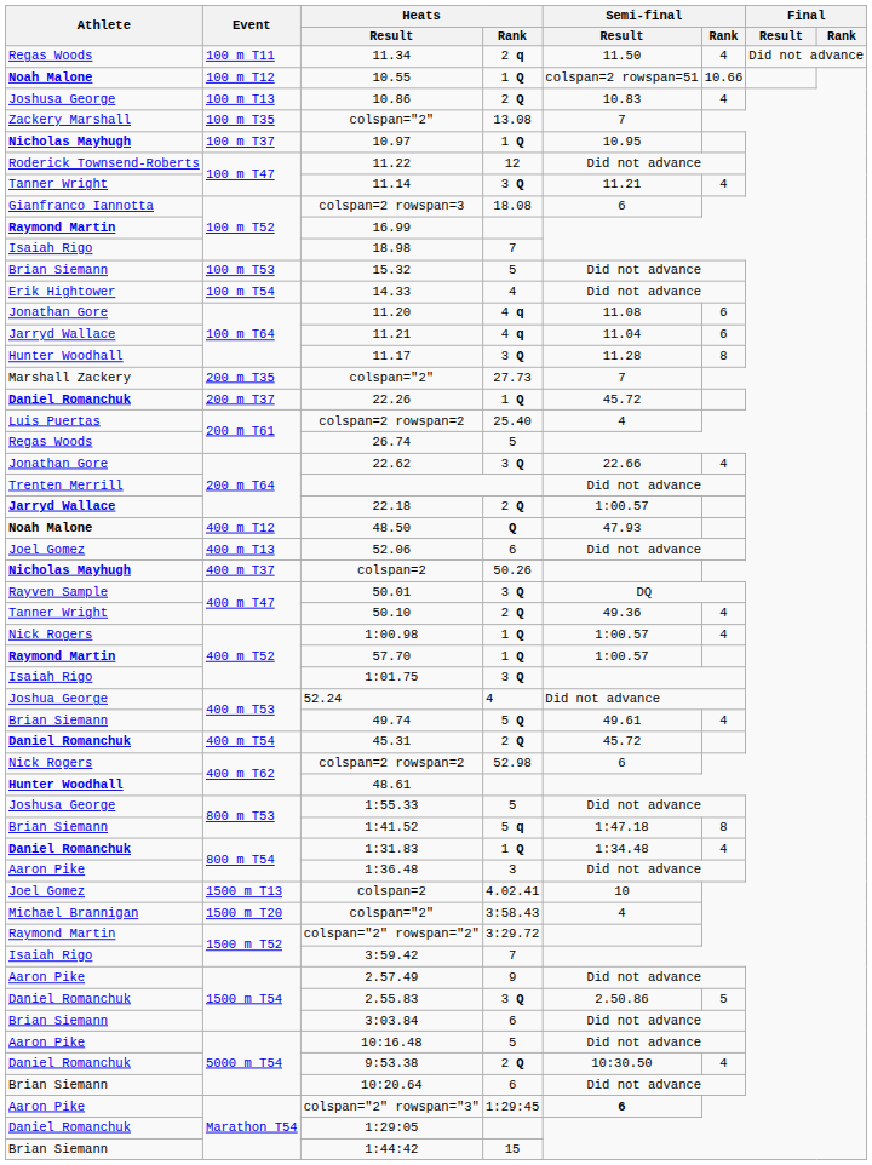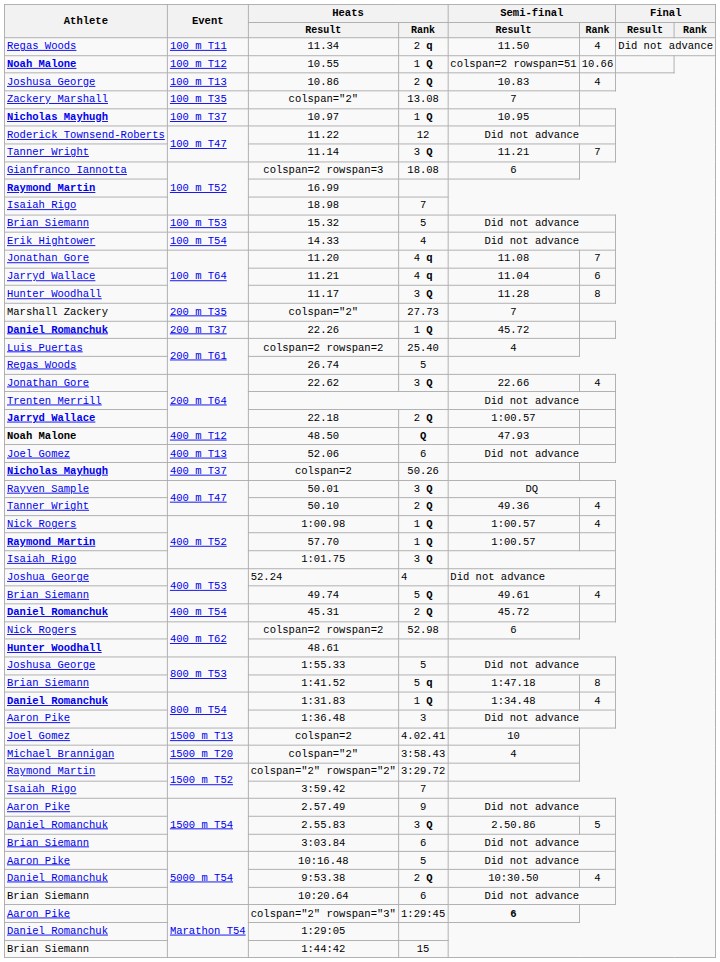 <table class=wikitable style=font-size:90%;text-align:center>
 <tr>
 <th rowspan=2>Athlete</th>
 <th rowspan=2>Event</th>
 <th colspan=2>Heats</th>
 <th colspan=2>Semi-final</th>
 <th colspan=2>Final</th>
 </tr>
 <tr style=font-size:95%>
 <th>Result</th>
 <th>Rank</th>
 <th>Result</th>
 <th>Rank</th>
 <th>Result</th>
 <th>Rank</th>
 </tr>
 <tr>
 <td align=left><a href='#'>Regas Woods</a></td>
 <td align=left><a href='#'>100 m T11</a></td>
 <td>11.34</td>
 <td>2 <strong>q</strong></td>
 <td>11.50</td>
 <td>4</td>
 <td colspan=2>Did not advance</td>
 </tr>
 <tr align=center>
 <td align=left><strong><a href='#'>Noah Malone</a></strong></td>
 <td align=left><a href='#'>100 m T12</a></td>
 <td>10.55 </td>
 <td>1 <strong>Q</strong></td>
 <td>colspan=2 rowspan=51 </td>
 <td>10.66</td>
 <td></td>
 </tr>
 <tr align=center>
 <td align=left><a href='#'>Joshusa George</a></td>
 <td align=left><a href='#'>100 m T13</a></td>
 <td>10.86</td>
 <td>2 <strong>Q</strong></td>
 <td>10.83</td>
 <td>4</td>
 </tr>
 <tr align=center>
 <td align=left><a href='#'>Zackery Marshall</a></td>
 <td align=left><a href='#'>100 m T35</a></td>
 <td>colspan="2" </td>
 <td>13.08</td>
 <td>7</td>
 </tr>
 <tr align=center>
 <td align=left><strong><a href='#'>Nicholas Mayhugh</a></strong></td>
 <td align=left><a href='#'>100 m T37</a></td>
 <td>10.97 </td>
 <td>1 <strong>Q</strong></td>
 <td>10.95 </td>
 <td></td>
 </tr>
 <tr align=center>
 <td align=left><a href='#'>Roderick Townsend-Roberts</a></td>
 <td align=left rowspan=2><a href='#'>100 m T47</a></td>
 <td>11.22</td>
 <td>12</td>
 <td colspan=2>Did not advance</td>
 </tr>
 <tr align=center>
 <td align=left><a href='#'>Tanner Wright</a></td>
 <td>11.14</td>
 <td>3 <strong>Q</strong></td>
 <td>11.21</td>
-<td>4</td>
+<td>7</td>
 </tr>
 <tr align=center>
 <td align=left><a href='#'>Gianfranco Iannotta</a></td>
 <td align=left rowspan=3><a href='#'>100 m T52</a></td>
 <td>colspan=2 rowspan=3 </td>
 <td>18.08</td>
 <td>6</td>
 </tr>
 <tr align=center>
 <td align=left><strong><a href='#'>Raymond Martin</a></strong></td>
 <td>16.99</td>
 <td></td>
 </tr>
 <tr align=center>
 <td align=left><a href='#'>Isaiah Rigo</a></td>
 <td>18.98</td>
 <td>7</td>
 </tr>
 <tr align=center>
 <td align=left><a href='#'>Brian Siemann</a></td>
 <td align=left><a href='#'>100 m T53</a></td>
 <td>15.32</td>
 <td>5</td>
 <td colspan="2">Did not advance</td>
 </tr>
 <tr align=center>
 <td align=left><a href='#'>Erik Hightower</a></td>
 <td align=left><a href='#'>100 m T54</a></td>
 <td>14.33</td>
 <td>4</td>
 <td colspan=2>Did not advance</td>
 </tr>
 <tr align=center>
 <td align=left><a href='#'>Jonathan Gore</a></td>
 <td align=left rowspan=3><a href='#'>100 m T64</a></td>
 <td>11.20</td>
 <td>4 <strong>q</strong></td>
 <td>11.08</td>
-<td>6</td>
+<td>7</td>
 </tr>
 <tr align=center>
 <td align=left><a href='#'>Jarryd Wallace</a></td>
 <td>11.21</td>
 <td>4 <strong>q</strong></td>
 <td>11.04</td>
 <td>6</td>
 </tr>
 <tr align=center>
 <td align=left><a href='#'>Hunter Woodhall</a></td>
 <td>11.17</td>
 <td>3 <strong>Q</strong></td>
 <td>11.28</td>
 <td>8</td>
 </tr>
 <tr align=center>
 <td align=left>Marshall Zackery</td>
 <td align=left><a href='#'>200 m T35</a></td>
 <td>colspan="2" </td>
 <td>27.73</td>
 <td>7</td>
 </tr>
 <tr align=center>
 <td align=left><strong><a href='#'>Daniel Romanchuk</a></strong></td>
 <td align=left><a href='#'>200 m T37</a></td>
 <td>22.26 </td>
 <td>1 <strong>Q</strong></td>
 <td>45.72</td>
 <td></td>
 </tr>
 <tr align=center>
 <td align=left><a href='#'>Luis Puertas</a></td>
 <td align=left rowspan=2><a href='#'>200 m T61</a></td>
 <td>colspan=2 rowspan=2 </td>
 <td>25.40 </td>
 <td>4</td>
 </tr>
 <tr align=center>
 <td align=left><a href='#'>Regas Woods</a></td>
 <td>26.74 </td>
 <td>5</td>
 </tr>
 <tr align=center>
 <td align=left><a href='#'>Jonathan Gore</a></td>
 <td align=left rowspan=3><a href='#'>200 m T64</a></td>
 <td>22.62 </td>
 <td>3 <strong>Q</strong></td>
 <td>22.66</td>
 <td>4</td>
 </tr>
 <tr align=center>
 <td align=left><a href='#'>Trenten Merrill</a></td>
 <td colspan=2></td>
 <td colspan=2>Did not advance</td>
 </tr>
 <tr align=center>
 <td align=left><strong><a href='#'>Jarryd Wallace</a></strong></td>
 <td>22.18 </td>
 <td>2 <strong>Q</strong></td>
 <td>1:00.57</td>
 <td></td>
 </tr>
 <tr align=center>
 <td align=left><strong>Noah Malone</strong></td>
 <td align=left><a href='#'>400 m T12</a></td>
 <td>48.50</td>
 <td><strong>Q</strong></td>
 <td>47.93 </td>
 <td></td>
 </tr>
 <tr align=center>
 <td align=left><a href='#'>Joel Gomez</a></td>
 <td align=left><a href='#'>400 m T13</a></td>
 <td>52.06</td>
 <td>6</td>
 <td colspan="2">Did not advance</td>
 </tr>
 <tr align=center>
 <td align=left><strong><a href='#'>Nicholas Mayhugh</a></strong></td>
 <td align=left><a href='#'>400 m T37</a></td>
 <td>colspan=2 </td>
 <td>50.26</td>
 <td></td>
 </tr>
 <tr align=center>
 <td align=left><a href='#'>Rayven Sample</a></td>
 <td align=left rowspan=2><a href='#'>400 m T47</a></td>
 <td>50.01</td>
 <td>3 <strong>Q</strong></td>
 <td colspan=2>DQ</td>
 </tr>
 <tr align=center>
 <td align=left><a href='#'>Tanner Wright</a></td>
 <td>50.10</td>
 <td>2 <strong>Q</strong></td>
 <td>49.36</td>
 <td>4</td>
 </tr>
 <tr align=center>
 <td align=left><a href='#'>Nick Rogers</a></td>
 <td align=left rowspan=3><a href='#'>400 m T52</a></td>
 <td>1:00.98</td>
 <td>1 <strong>Q</strong></td>
 <td>1:00.57</td>
 <td>4</td>
 </tr>
 <tr align=center>
 <td align=left><strong><a href='#'>Raymond Martin</a></strong></td>
 <td>57.70</td>
 <td>1 <strong>Q</strong></td>
 <td>1:00.57</td>
 <td></td>
 </tr>
 <tr align=center>
 <td align=left><a href='#'>Isaiah Rigo</a></td>
 <td>1:01.75</td>
 <td>3 <strong>Q</strong></td>
 <td colspan=2></td>
 </tr>
 <tr align=left>
 <td align=left><a href='#'>Joshua George</a></td>
 <td align=left rowspan=2><a href='#'>400 m T53</a></td>
 <td>52.24</td>
 <td>4</td>
 <td colspan=2>Did not advance</td>
 </tr>
 <tr align=center>
 <td align=left><a href='#'>Brian Siemann</a></td>
 <td>49.74</td>
 <td>5 <strong>Q</strong></td>
 <td>49.61</td>
 <td>4</td>
 </tr>
 <tr align=center>
 <td align=left><strong><a href='#'>Daniel Romanchuk</a></strong></td>
 <td align=left><a href='#'>400 m T54</a></td>
 <td>45.31</td>
 <td>2 <strong>Q</strong></td>
 <td>45.72</td>
 <td></td>
 </tr>
 <tr align=center>
 <td align=left><a href='#'>Nick Rogers</a></td>
 <td align=left rowspan=2><a href='#'>400 m T62</a></td>
 <td>colspan=2 rowspan=2 </td>
 <td>52.98</td>
 <td>6</td>
 </tr>
 <tr align=center>
 <td align=left><strong><a href='#'>Hunter Woodhall</a></strong></td>
 <td>48.61</td>
 <td></td>
 </tr>
 <tr align=center>
 <td align=left><a href='#'>Joshusa George</a></td>
 <td align=left rowspan=2><a href='#'>800 m T53</a></td>
 <td>1:55.33</td>
 <td>5</td>
 <td colspan=2>Did not advance</td>
 </tr>
 <tr align=center>
 <td align=left><a href='#'>Brian Siemann</a></td>
 <td>1:41.52</td>
 <td>5 <strong>q</strong></td>
 <td>1:47.18</td>
 <td>8</td>
 </tr>
 <tr align=center>
 <td align=left><strong><a href='#'>Daniel Romanchuk</a></strong></td>
 <td rowspan="2" align="left"><a href='#'>800 m T54</a></td>
 <td>1:31.83</td>
 <td>1 <strong>Q</strong></td>
 <td>1:34.48</td>
 <td>4</td>
 </tr>
 <tr align=center>
 <td align=left><a href='#'>Aaron Pike</a></td>
 <td>1:36.48</td>
 <td>3</td>
 <td colspan="2">Did not advance</td>
 </tr>
 <tr align=center>
 <td align=left><a href='#'>Joel Gomez</a></td>
 <td align=left><a href='#'>1500 m T13</a></td>
 <td>colspan=2 </td>
 <td>4.02.41</td>
 <td>10</td>
 </tr>
 <tr align=center>
 <td align=left><a href='#'>Michael Brannigan</a></td>
 <td align=left><a href='#'>1500 m T20</a></td>
 <td>colspan="2" </td>
 <td>3:58.43</td>
 <td>4</td>
 </tr>
 <tr align=center>
 <td align=left><a href='#'>Raymond Martin</a></td>
 <td align=left rowspan="2"><a href='#'>1500 m T52</a></td>
 <td>colspan="2" rowspan="2" </td>
 <td>3:29.72 </td>
 <td></td>
 </tr>
 <tr align=center>
 <td align=left><a href='#'>Isaiah Rigo</a></td>
 <td>3:59.42</td>
 <td>7</td>
 </tr>
 <tr align=center>
 <td align=left><a href='#'>Aaron Pike</a></td>
 <td align=left rowspan=3><a href='#'>1500 m T54</a></td>
 <td>2.57.49</td>
 <td>9</td>
 <td colspan=2>Did not advance</td>
 </tr>
 <tr align=center>
 <td align=left><a href='#'>Daniel Romanchuk</a></td>
 <td>2.55.83</td>
 <td>3 <strong>Q</strong></td>
 <td>2.50.86 </td>
 <td>5</td>
 </tr>
 <tr align=center>
 <td align=left><a href='#'>Brian Siemann</a></td>
 <td>3:03.84</td>
 <td>6</td>
 <td colspan=2>Did not advance</td>
 </tr>
 <tr align=center>
 <td align=left><a href='#'>Aaron Pike</a></td>
 <td rowspan="3" align="left"><a href='#'>5000 m T54</a></td>
 <td>10:16.48</td>
 <td>5</td>
 <td colspan=2>Did not advance</td>
 </tr>
 <tr align=center>
 <td align=left><a href='#'>Daniel Romanchuk</a></td>
 <td>9:53.38</td>
 <td>2 <strong>Q</strong></td>
 <td>10:30.50</td>
 <td>4</td>
 </tr>
 <tr align=center>
 <td align=left>Brian Siemann</td>
 <td>10:20.64</td>
 <td>6</td>
 <td colspan="2">Did not advance</td>
 </tr>
 <tr align=center>
 <td align=left><a href='#'>Aaron Pike</a></td>
 <td rowspan="3" align="left"><a href='#'>Marathon T54</a></td>
 <td>colspan="2" rowspan="3" </td>
 <td>1:29:45</td>
 <td><strong>6</strong></td>
 </tr>
 <tr align=center>
 <td align=left><a href='#'>Daniel Romanchuk</a></td>
 <td>1:29:05</td>
 <td></td>
 </tr>
 <tr align=center>
 <td align=left>Brian Siemann</td>
 <td>1:44:42</td>
 <td>15</td>
 </tr>
 </table>
